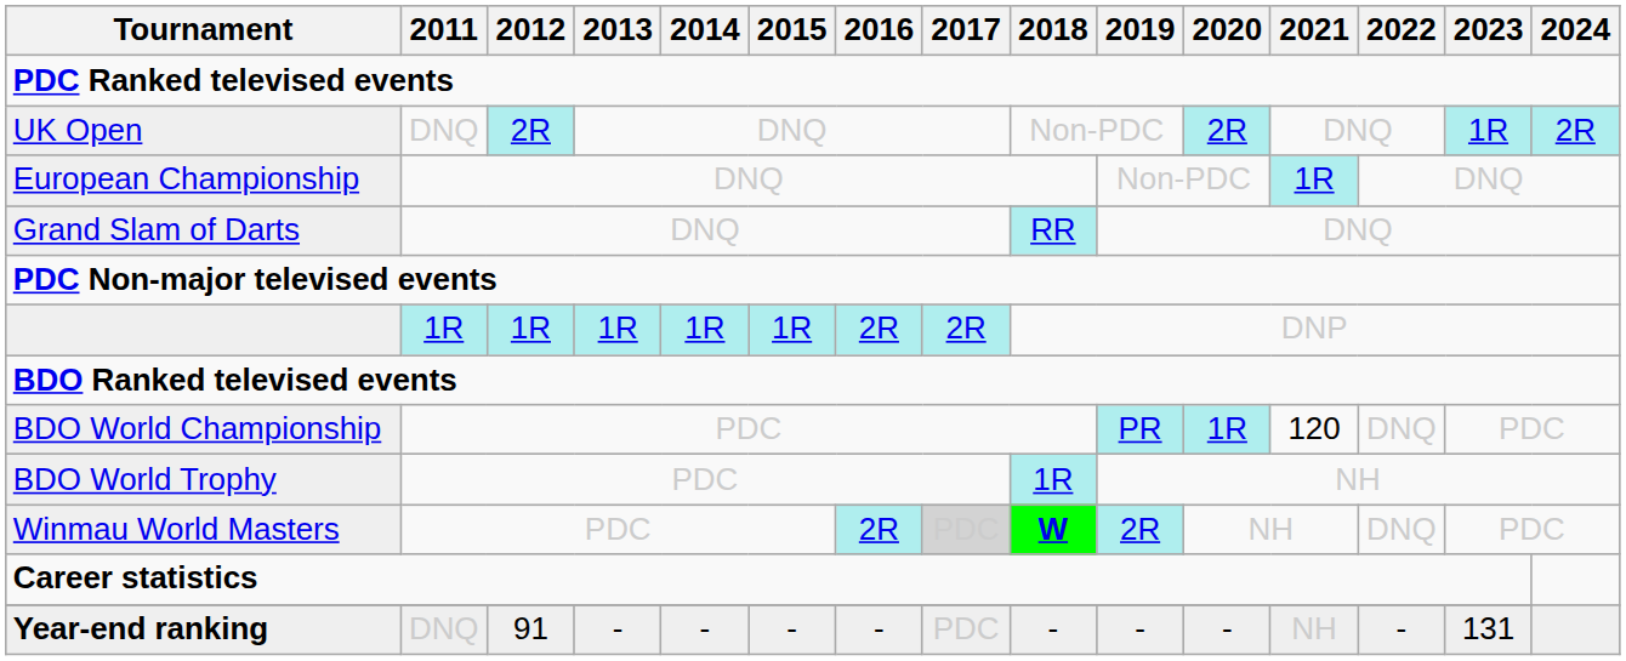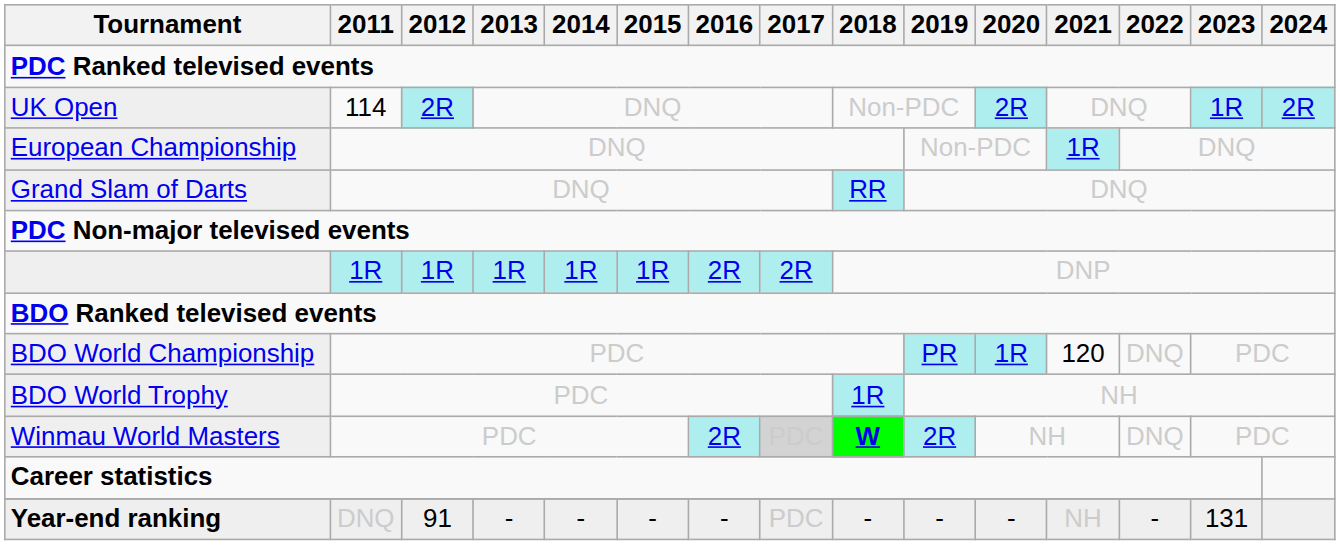 <table class="wikitable" style="width:65%; margin:0">
 <tr>
 <th>Tournament</th>
 <th>2011</th>
 <th>2012</th>
 <th>2013</th>
 <th>2014</th>
 <th>2015</th>
 <th>2016</th>
 <th>2017</th>
 <th>2018</th>
 <th>2019</th>
 <th>2020</th>
 <th>2021</th>
 <th>2022</th>
 <th>2023</th>
 <th>2024</th>
 </tr>
 <tr>
 <td colspan="31" align="left"><strong><a href='#'>PDC</a> Ranked televised events</strong></td>
 </tr>
 <tr>
 <td style="background:#efefef;"><a href='#'>UK Open</a></td>
-<td style="text-align:center; color:#ccc;">DNQ</td>
+<td style="text-align:center;">114</td>
 <td style="text-align:center; background:#afeeee;"><a href='#'>2R</a></td>
 <td colspan="5" style="text-align:center; color:#ccc;">DNQ</td>
 <td colspan="2" style="text-align:center; color:#ccc;">Non-PDC</td>
 <td style="text-align:center; background:#afeeee;"><a href='#'>2R</a></td>
 <td colspan="2" style="text-align:center; color:#ccc;">DNQ</td>
 <td style="text-align:center; background:#afeeee;"><a href='#'>1R</a></td>
 <td style="text-align:center; background:#afeeee;"><a href='#'>2R</a></td>
 </tr>
 <tr>
 <td style="background:#efefef;"><a href='#'>European Championship</a></td>
 <td colspan="8" style="text-align:center; color:#ccc;">DNQ</td>
 <td colspan="2" style="text-align:center; color:#ccc;">Non-PDC</td>
 <td style="text-align:center; background:#afeeee;"><a href='#'>1R</a></td>
 <td colspan="3" style="text-align:center; color:#ccc;">DNQ</td>
 </tr>
 <tr>
 <td style="background:#efefef;"><a href='#'>Grand Slam of Darts</a></td>
 <td colspan="7" style="text-align:center; color:#ccc;">DNQ</td>
 <td style="text-align:center; background:#afeeee;"><a href='#'>RR</a></td>
 <td colspan="6" style="text-align:center; color:#ccc;">DNQ</td>
 </tr>
 <tr>
 <td colspan="15" align="left"><strong><a href='#'>PDC</a> Non-major televised events</strong></td>
 </tr>
 <tr>
 <td style="background:#efefef;"></td>
 <td style="text-align:center; background:#afeeee;"><a href='#'>1R</a></td>
 <td style="text-align:center; background:#afeeee;"><a href='#'>1R</a></td>
 <td style="text-align:center; background:#afeeee;"><a href='#'>1R</a></td>
 <td style="text-align:center; background:#afeeee;"><a href='#'>1R</a></td>
 <td style="text-align:center; background:#afeeee;"><a href='#'>1R</a></td>
 <td style="text-align:center; background:#afeeee;"><a href='#'>2R</a></td>
 <td style="text-align:center; background:#afeeee;"><a href='#'>2R</a></td>
 <td colspan="7" style="text-align:center; color:#ccc;">DNP</td>
 </tr>
 <tr>
 <td colspan="31" align="left"><strong><a href='#'>BDO</a> Ranked televised events</strong></td>
 </tr>
 <tr>
 <td style="background:#efefef;"><a href='#'>BDO World Championship</a></td>
 <td colspan="8" style="text-align:center; color:#ccc;">PDC</td>
 <td style="text-align:center; background:#afeeee;"><a href='#'>PR</a></td>
 <td style="text-align:center; background:#afeeee;"><a href='#'>1R</a></td>
 <td style="text-align:center;">120</td>
 <td style="text-align:center; color:#ccc;">DNQ</td>
 <td colspan="2" style="text-align:center; color:#ccc;">PDC</td>
 </tr>
 <tr>
 <td style="background:#efefef;"><a href='#'>BDO World Trophy</a></td>
 <td colspan="7" style="text-align:center; color:#ccc;">PDC</td>
 <td style="text-align:center; background:#afeeee;"><a href='#'>1R</a></td>
 <td colspan="6" style="text-align:center; color:#ccc;">NH</td>
 </tr>
 <tr>
 <td style="background:#efefef;" align=left><a href='#'>Winmau World Masters</a></td>
 <td colspan="5" style="text-align:center; color:#ccc;">PDC</td>
 <td style="text-align:center; background:#afeeee;"><a href='#'>2R</a></td>
 <td style="background: lightgrey; text-align:center; color:#ccc;">PDC</td>
 <td style="text-align:center; background:lime;"><a href='#'><strong>W</strong></a></td>
 <td style="text-align:center; background:#afeeee;"><a href='#'>2R</a></td>
 <td colspan="2" style="text-align:center; color:#ccc;">NH</td>
 <td style="text-align:center; color:#ccc;">DNQ</td>
 <td colspan="2" style="text-align:center; color:#ccc;">PDC</td>
 </tr>
 <tr>
 <td colspan="14" align="left"><strong>Career statistics</strong></td>
 </tr>
 <tr>
 </tr>
 <tr bgcolor="efefef">
 <td align="left"><strong>Year-end ranking</strong></td>
 <td style="text-align:center; color:#ccc;">DNQ</td>
 <td style="text-align:center;">91</td>
 <td style="text-align:center;">-</td>
 <td style="text-align:center;">-</td>
 <td style="text-align:center;">-</td>
 <td style="text-align:center;">-</td>
 <td style="text-align:center; color:#ccc;">PDC</td>
 <td style="text-align:center;">-</td>
 <td style="text-align:center;">-</td>
 <td style="text-align:center;">-</td>
 <td style="text-align:center; color:#ccc;">NH</td>
 <td style="text-align:center;">-</td>
 <td style="text-align:center;">131</td>
 <td></td>
 </tr>
 </table>
